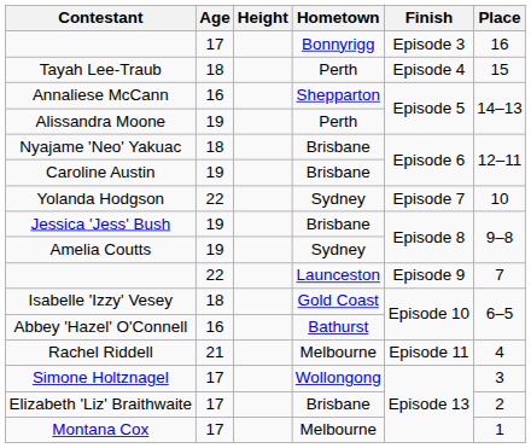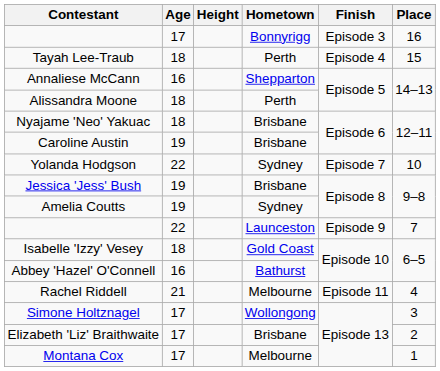 <table class="wikitable sortable" style="text-align:center;">
 <tr>
 <th>Contestant</th>
 <th>Age</th>
 <th>Height</th>
 <th>Hometown</th>
 <th>Finish</th>
 <th>Place</th>
 </tr>
 <tr>
 <td></td>
 <td>17</td>
 <td></td>
 <td><a href='#'>Bonnyrigg</a></td>
 <td>Episode 3</td>
 <td>16</td>
 </tr>
 <tr>
 <td>Tayah Lee-Traub</td>
 <td>18</td>
 <td></td>
 <td>Perth</td>
 <td>Episode 4</td>
 <td>15</td>
 </tr>
 <tr>
 <td>Annaliese McCann</td>
 <td>16</td>
 <td></td>
 <td><a href='#'>Shepparton</a></td>
 <td rowspan=2>Episode 5</td>
 <td rowspan="2">14–13</td>
 </tr>
 <tr>
 <td>Alissandra Moone</td>
-<td>19</td>
+<td>18</td>
 <td></td>
 <td>Perth</td>
 </tr>
 <tr>
 <td>Nyajame 'Neo' Yakuac</td>
 <td>18</td>
 <td></td>
 <td>Brisbane</td>
 <td rowspan=2>Episode 6</td>
 <td rowspan="2">12–11</td>
 </tr>
 <tr>
 <td>Caroline Austin</td>
 <td>19</td>
 <td></td>
 <td>Brisbane</td>
 </tr>
 <tr>
 <td>Yolanda Hodgson</td>
 <td>22</td>
 <td></td>
 <td>Sydney</td>
 <td>Episode 7</td>
 <td>10</td>
 </tr>
 <tr>
 <td><a href='#'>Jessica 'Jess' Bush</a></td>
 <td>19</td>
 <td></td>
 <td>Brisbane</td>
 <td rowspan=2>Episode 8</td>
 <td rowspan="2">9–8</td>
 </tr>
 <tr>
 <td>Amelia Coutts</td>
 <td>19</td>
 <td></td>
 <td>Sydney</td>
 </tr>
 <tr>
 <td></td>
 <td>22</td>
 <td></td>
 <td><a href='#'>Launceston</a></td>
 <td>Episode 9</td>
 <td>7</td>
 </tr>
 <tr>
 <td>Isabelle 'Izzy' Vesey</td>
 <td>18</td>
 <td></td>
 <td><a href='#'>Gold Coast</a></td>
 <td rowspan=2>Episode 10</td>
 <td rowspan="2">6–5</td>
 </tr>
 <tr>
 <td>Abbey 'Hazel' O'Connell</td>
 <td>16</td>
 <td></td>
 <td><a href='#'>Bathurst</a></td>
 </tr>
 <tr>
 <td>Rachel Riddell</td>
 <td>21</td>
 <td></td>
 <td>Melbourne</td>
 <td>Episode 11</td>
 <td>4</td>
 </tr>
 <tr>
 <td><a href='#'>Simone Holtznagel</a></td>
 <td>17</td>
 <td></td>
 <td><a href='#'>Wollongong</a></td>
 <td rowspan="3">Episode 13</td>
 <td>3</td>
 </tr>
 <tr>
 <td>Elizabeth 'Liz' Braithwaite</td>
 <td>17</td>
 <td></td>
 <td>Brisbane</td>
 <td>2</td>
 </tr>
 <tr>
 <td><a href='#'>Montana Cox</a></td>
 <td>17</td>
 <td></td>
 <td>Melbourne</td>
 <td>1</td>
 </tr>
 </table>
